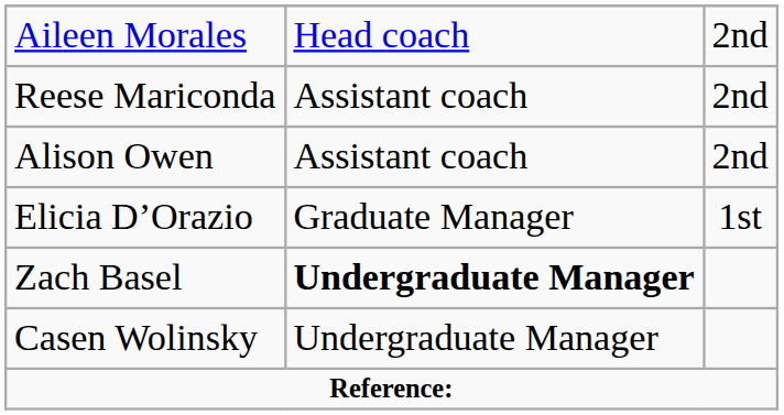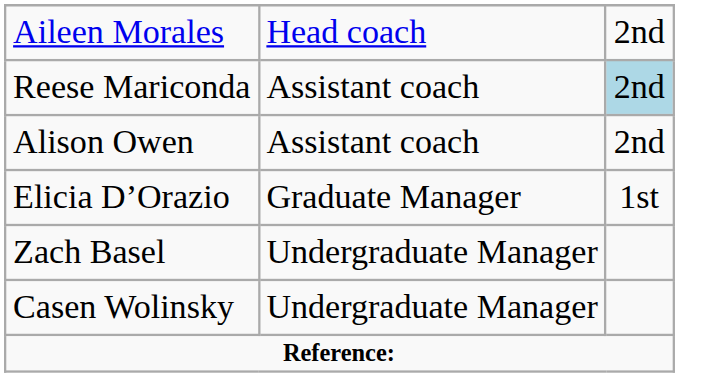 <table class="wikitable" style="font-size:93%;">
 <tr>
 </tr>
 <tr>
 <td><a href='#'>Aileen Morales</a></td>
 <td><a href='#'>Head coach</a></td>
 <td align=center>2nd</td>
 </tr>
 <tr>
 <td>Reese Mariconda</td>
 <td>Assistant coach</td>
-<td align=center>2nd</td>
+<td align=center style="background: lightblue;">2nd</td>
 </tr>
 <tr>
 <td>Alison Owen</td>
 <td>Assistant coach</td>
 <td align=center>2nd</td>
 </tr>
 <tr>
 <td>Elicia D’Orazio</td>
 <td>Graduate Manager</td>
 <td align=center>1st</td>
 </tr>
 <tr>
 <td>Zach Basel</td>
-<td><strong>Undergraduate Manager</strong></td>
+<td>Undergraduate Manager</td>
 <td align=center></td>
 </tr>
 <tr>
 <td>Casen Wolinsky</td>
 <td>Undergraduate Manager</td>
 <td align=center></td>
 </tr>
 <tr>
 <td colspan="4"  style="font-size:8pt; text-align:center;"><strong>Reference:</strong></td>
 </tr>
 </table>
